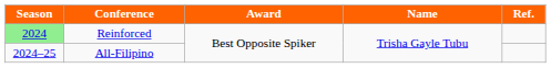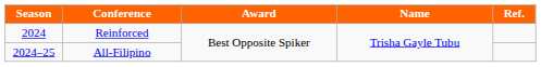 <table class="wikitable">
 <tr>
 <th width=70px style="background:#FF6201; color:white; text-align: center">Season</th>
 <th width=150px style="background:#FF6201; color:white">Conference</th>
 <th width=200px style="background:#FF6201; color:white">Award</th>
 <th width=200px style="background:#FF6201; color:white">Name</th>
 <th width=50px style="background:#FF6201; color:white; text-align: center">Ref.</th>
 </tr>
 <tr style="text-align:center;">
-<td style="background: lightgreen;"><a href='#'>2024</a></td>
+<td><a href='#'>2024</a></td>
 <td><a href='#'>Reinforced</a></td>
 <td rowspan=2>Best Opposite Spiker</td>
 <td rowspan=2> <a href='#'>Trisha Gayle Tubu</a></td>
 <td></td>
 </tr>
 <tr style="text-align:center;">
 <td><a href='#'>2024–25</a></td>
 <td><a href='#'>All-Filipino</a></td>
 <td></td>
 </tr>
 </table>
